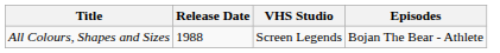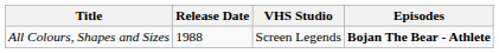 <table class="wikitable">
 <tr>
 <th>Title</th>
 <th>Release Date</th>
 <th>VHS Studio</th>
 <th>Episodes</th>
 </tr>
 <tr>
 <td><em>All Colours, Shapes and Sizes</em></td>
 <td>1988</td>
 <td>Screen Legends</td>
-<td>Bojan The Bear - Athlete</td>
+<td><strong>Bojan The Bear - Athlete</strong></td>
 </tr>
 </table>
